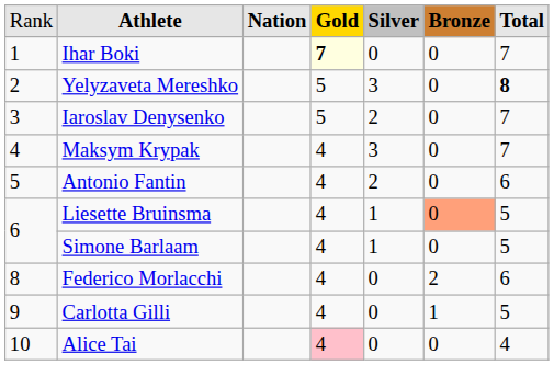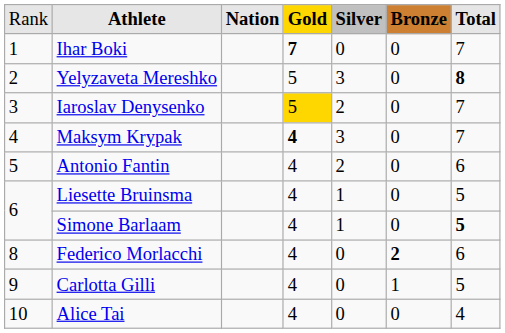 <table class="wikitable sortable">
 <tr bgcolor=#e6e6e6 align=center>
 <td>Rank</td>
 <td><strong>Athlete</strong></td>
 <td><strong> Nation</strong></td>
 <td bgcolor=gold><strong>Gold</strong></td>
 <td bgcolor=silver><strong>Silver</strong></td>
 <td bgcolor=#CD7F32><strong>Bronze</strong></td>
 <td><strong>Total</strong></td>
 </tr>
 <tr>
 <td>1</td>
 <td><a href='#'>Ihar Boki</a></td>
 <td></td>
-<td style="background: lightyellow;"><strong>7</strong></td>
+<td><strong>7</strong></td>
 <td>0</td>
 <td>0</td>
 <td>7</td>
 </tr>
 <tr>
 <td>2</td>
 <td><a href='#'>Yelyzaveta Mereshko</a></td>
 <td></td>
 <td>5</td>
 <td>3</td>
 <td>0</td>
 <td><strong>8</strong></td>
 </tr>
 <tr>
 <td>3</td>
 <td><a href='#'>Iaroslav Denysenko</a></td>
 <td></td>
-<td>5</td>
+<td style="background: gold;">5</td>
 <td>2</td>
 <td>0</td>
 <td>7</td>
 </tr>
 <tr>
 <td>4</td>
 <td><a href='#'>Maksym Krypak</a></td>
 <td></td>
-<td>4</td>
+<td><strong>4</strong></td>
 <td>3</td>
 <td>0</td>
 <td>7</td>
 </tr>
 <tr>
 <td>5</td>
 <td><a href='#'>Antonio Fantin</a></td>
 <td></td>
 <td>4</td>
 <td>2</td>
 <td>0</td>
 <td>6</td>
 </tr>
 <tr>
 <td rowspan=2>6</td>
 <td><a href='#'>Liesette Bruinsma</a></td>
 <td></td>
 <td>4</td>
 <td>1</td>
-<td style="background: lightsalmon;">0</td>
+<td>0</td>
 <td>5</td>
 </tr>
 <tr>
 <td><a href='#'>Simone Barlaam</a></td>
 <td></td>
 <td>4</td>
 <td>1</td>
 <td>0</td>
-<td>5</td>
+<td><strong>5</strong></td>
 </tr>
 <tr>
 <td>8</td>
 <td><a href='#'>Federico Morlacchi</a></td>
 <td></td>
 <td>4</td>
 <td>0</td>
-<td>2</td>
+<td><strong>2</strong></td>
 <td>6</td>
 </tr>
 <tr>
 <td>9</td>
 <td><a href='#'>Carlotta Gilli</a></td>
 <td></td>
 <td>4</td>
 <td>0</td>
 <td>1</td>
 <td>5</td>
 </tr>
 <tr>
 <td>10</td>
 <td><a href='#'>Alice Tai</a></td>
 <td></td>
-<td style="background: pink;">4</td>
+<td>4</td>
 <td>0</td>
 <td>0</td>
 <td>4</td>
 </tr>
 </table>
